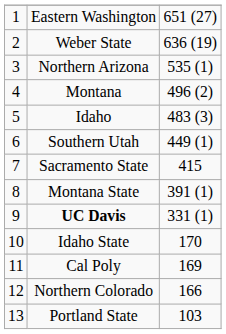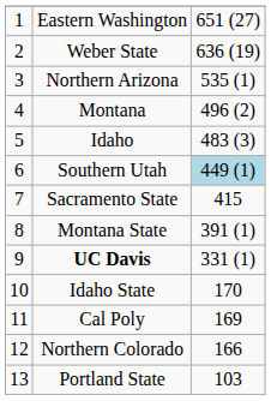 <table class="wikitable" style="display: inline-table;">
 <tr align="center">
 </tr>
 <tr align="center">
 <td>1</td>
 <td>Eastern Washington</td>
 <td>651 (27)</td>
 </tr>
 <tr align="center">
 <td>2</td>
 <td>Weber State</td>
 <td>636 (19)</td>
 </tr>
 <tr align="center">
 <td>3</td>
 <td>Northern Arizona</td>
 <td>535 (1)</td>
 </tr>
 <tr align="center">
 <td>4</td>
 <td>Montana</td>
 <td>496 (2)</td>
 </tr>
 <tr align="center">
 <td>5</td>
 <td>Idaho</td>
 <td>483 (3)</td>
 </tr>
 <tr align="center">
 <td>6</td>
 <td>Southern Utah</td>
-<td>449 (1)</td>
+<td style="background: lightblue;">449 (1)</td>
 </tr>
 <tr align="center">
 <td>7</td>
 <td>Sacramento State</td>
 <td>415</td>
 </tr>
 <tr align="center">
 <td>8</td>
 <td>Montana State</td>
 <td>391 (1)</td>
 </tr>
 <tr align="center">
 <td>9</td>
 <td><strong>UC Davis</strong></td>
 <td>331 (1)</td>
 </tr>
 <tr align="center">
 <td>10</td>
 <td>Idaho State</td>
 <td>170</td>
 </tr>
 <tr align="center">
 <td>11</td>
 <td>Cal Poly</td>
 <td>169</td>
 </tr>
 <tr align="center">
 <td>12</td>
 <td>Northern Colorado</td>
 <td>166</td>
 </tr>
 <tr align="center">
 <td>13</td>
 <td>Portland State</td>
 <td>103</td>
 </tr>
 </table>
